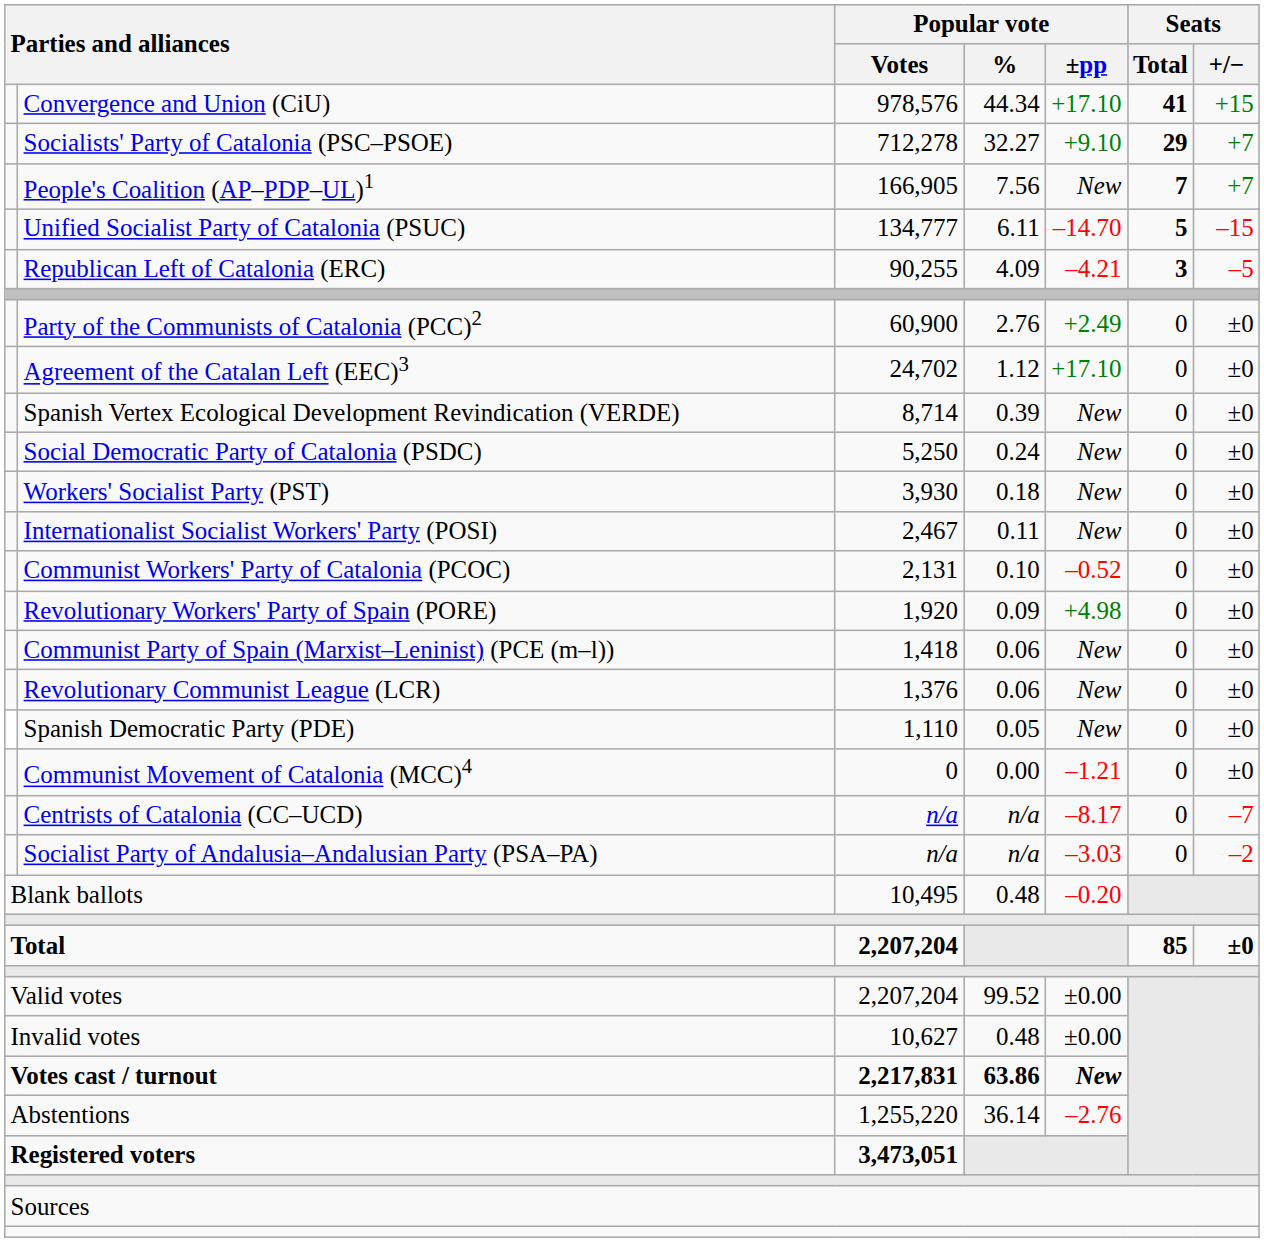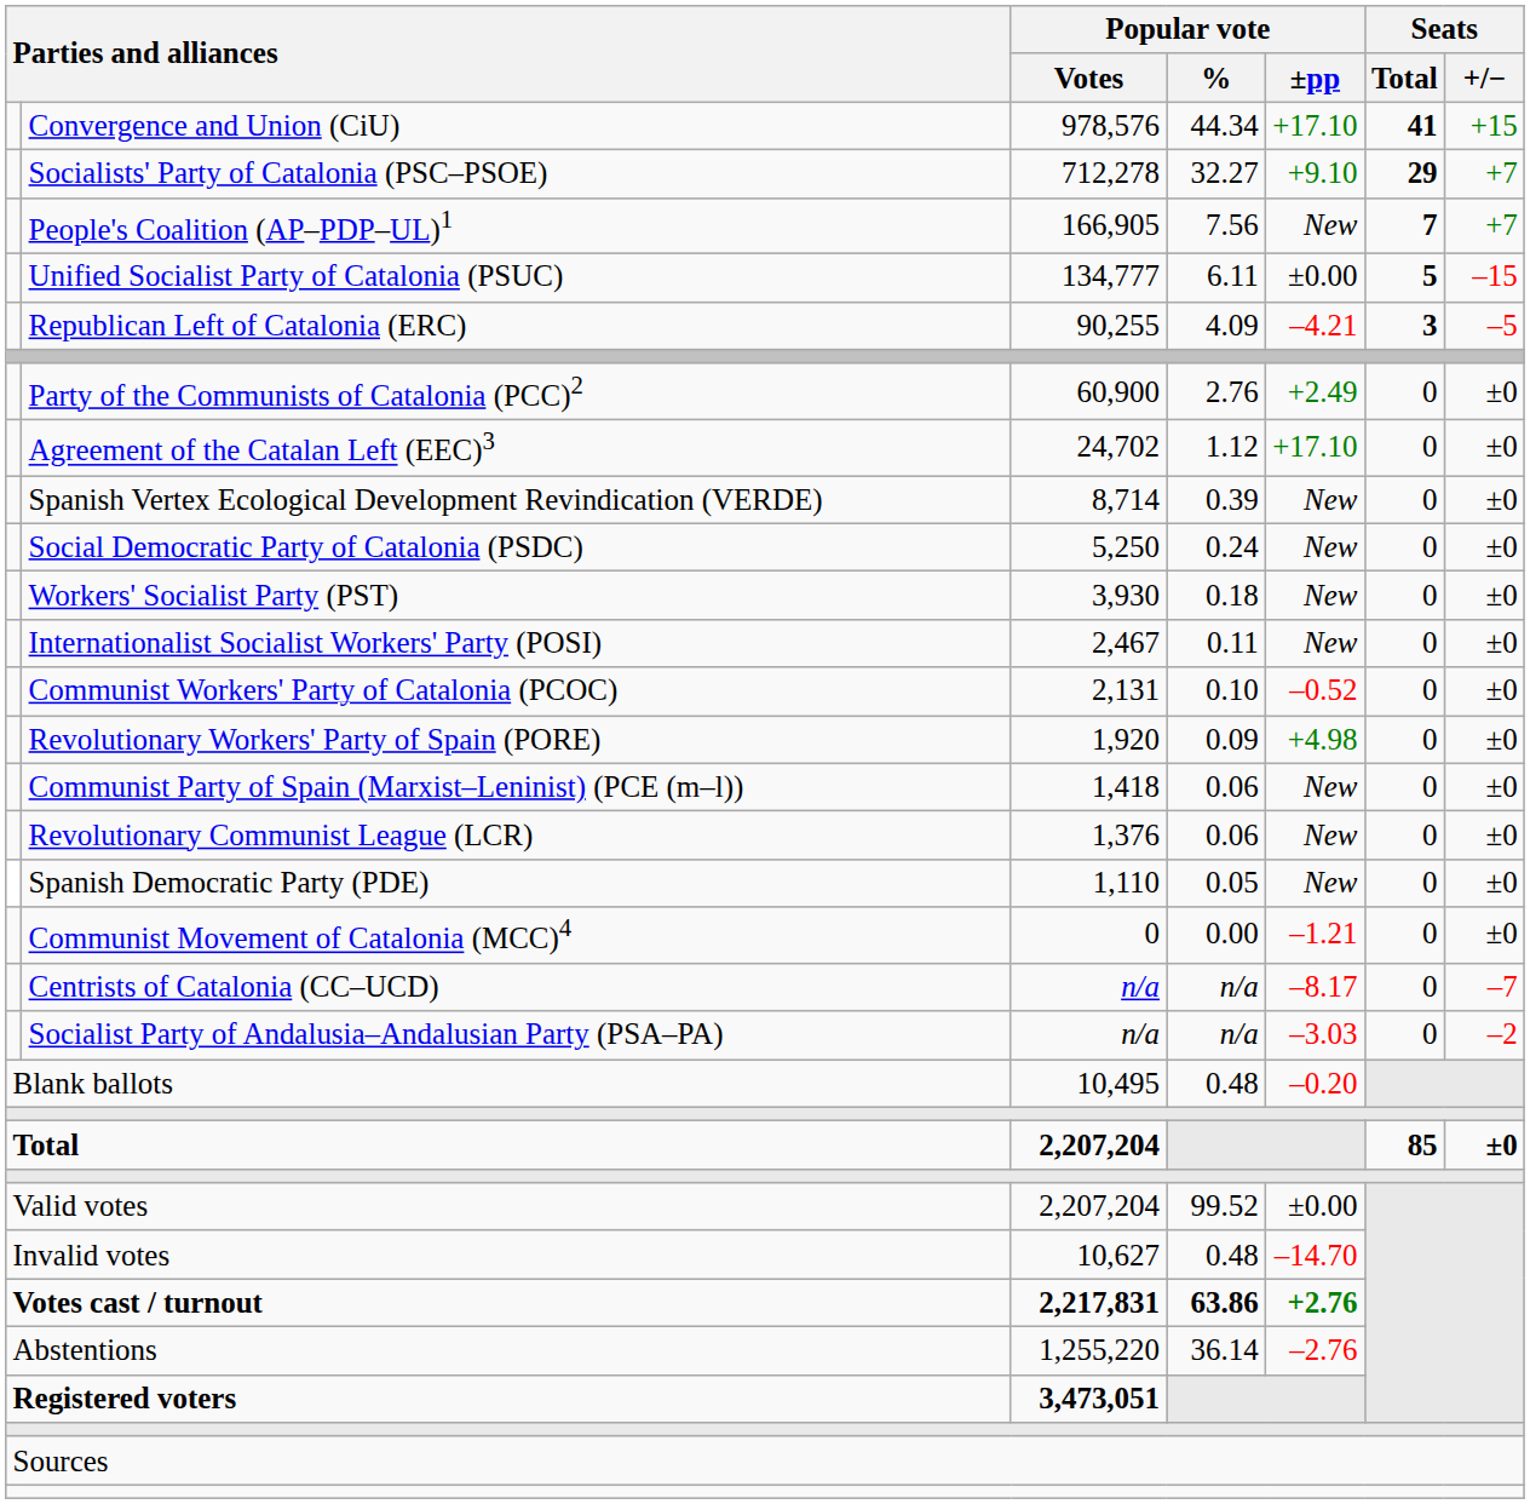 <table class="wikitable" style="text-align:right;">
 <tr>
 <th style="text-align:left;" rowspan="2" colspan="2" width="525">Parties and alliances</th>
 <th colspan="3">Popular vote</th>
 <th colspan="2">Seats</th>
 </tr>
 <tr>
 <th width="75">Votes</th>
 <th width="45">%</th>
 <th width="45">±<a href='#'>pp</a></th>
 <th width="35">Total</th>
 <th width="35">+/−</th>
 </tr>
 <tr>
 <td width="1" style="color:inherit;background:"></td>
 <td align="left"><a href='#'>Convergence and Union</a> (CiU)</td>
 <td>978,576</td>
 <td>44.34</td>
 <td style="color:green;">+17.10</td>
 <td><strong>41</strong></td>
 <td style="color:green;">+15</td>
 </tr>
 <tr>
 <td style="color:inherit;background:"></td>
 <td align="left"><a href='#'>Socialists' Party of Catalonia</a> (PSC–PSOE)</td>
 <td>712,278</td>
 <td>32.27</td>
 <td style="color:green;">+9.10</td>
 <td><strong>29</strong></td>
 <td style="color:green;">+7</td>
 </tr>
 <tr>
 <td style="color:inherit;background:"></td>
 <td align="left"><a href='#'>People's Coalition</a> (<a href='#'>AP</a>–<a href='#'>PDP</a>–<a href='#'>UL</a>)<sup>1</sup></td>
 <td>166,905</td>
 <td>7.56</td>
 <td><em>New</em></td>
 <td><strong>7</strong></td>
 <td style="color:green;">+7</td>
 </tr>
 <tr>
 <td style="color:inherit;background:"></td>
 <td align="left"><a href='#'>Unified Socialist Party of Catalonia</a> (PSUC)</td>
 <td>134,777</td>
 <td>6.11</td>
-<td style="color:red;">–14.70</td>
+<td>±0.00</td>
 <td><strong>5</strong></td>
 <td style="color:red;">–15</td>
 </tr>
 <tr>
 <td style="color:inherit;background:"></td>
 <td align="left"><a href='#'>Republican Left of Catalonia</a> (ERC)</td>
 <td>90,255</td>
 <td>4.09</td>
 <td style="color:red;">–4.21</td>
 <td><strong>3</strong></td>
 <td style="color:red;">–5</td>
 </tr>
 <tr>
 <td colspan="7" bgcolor="#C0C0C0"></td>
 </tr>
 <tr>
 <td style="color:inherit;background:"></td>
 <td align="left"><a href='#'>Party of the Communists of Catalonia</a> (PCC)<sup>2</sup></td>
 <td>60,900</td>
 <td>2.76</td>
 <td style="color:green;">+2.49</td>
 <td>0</td>
 <td>±0</td>
 </tr>
 <tr>
 <td style="color:inherit;background:"></td>
 <td align="left"><a href='#'>Agreement of the Catalan Left</a> (EEC)<sup>3</sup></td>
 <td>24,702</td>
 <td>1.12</td>
 <td style="color:green;">+17.10</td>
 <td>0</td>
 <td>±0</td>
 </tr>
 <tr>
 <td style="color:inherit;background:"></td>
 <td align="left">Spanish Vertex Ecological Development Revindication (VERDE)</td>
 <td>8,714</td>
 <td>0.39</td>
 <td><em>New</em></td>
 <td>0</td>
 <td>±0</td>
 </tr>
 <tr>
 <td style="color:inherit;background:"></td>
 <td align="left"><a href='#'>Social Democratic Party of Catalonia</a> (PSDC)</td>
 <td>5,250</td>
 <td>0.24</td>
 <td><em>New</em></td>
 <td>0</td>
 <td>±0</td>
 </tr>
 <tr>
 <td style="color:inherit;background:"></td>
 <td align="left"><a href='#'>Workers' Socialist Party</a> (PST)</td>
 <td>3,930</td>
 <td>0.18</td>
 <td><em>New</em></td>
 <td>0</td>
 <td>±0</td>
 </tr>
 <tr>
 <td style="color:inherit;background:"></td>
 <td align="left"><a href='#'>Internationalist Socialist Workers' Party</a> (POSI)</td>
 <td>2,467</td>
 <td>0.11</td>
 <td><em>New</em></td>
 <td>0</td>
 <td>±0</td>
 </tr>
 <tr>
 <td style="color:inherit;background:"></td>
 <td align="left"><a href='#'>Communist Workers' Party of Catalonia</a> (PCOC)</td>
 <td>2,131</td>
 <td>0.10</td>
 <td style="color:red;">–0.52</td>
 <td>0</td>
 <td>±0</td>
 </tr>
 <tr>
 <td style="color:inherit;background:"></td>
 <td align="left"><a href='#'>Revolutionary Workers' Party of Spain</a> (PORE)</td>
 <td>1,920</td>
 <td>0.09</td>
 <td style="color:green;">+4.98</td>
 <td>0</td>
 <td>±0</td>
 </tr>
 <tr>
 <td style="color:inherit;background:"></td>
 <td align="left"><a href='#'>Communist Party of Spain (Marxist–Leninist)</a> (PCE (m–l))</td>
 <td>1,418</td>
 <td>0.06</td>
 <td><em>New</em></td>
 <td>0</td>
 <td>±0</td>
 </tr>
 <tr>
 <td style="color:inherit;background:"></td>
 <td align="left"><a href='#'>Revolutionary Communist League</a> (LCR)</td>
 <td>1,376</td>
 <td>0.06</td>
 <td><em>New</em></td>
 <td>0</td>
 <td>±0</td>
 </tr>
 <tr>
 <td bgcolor="white"></td>
 <td align="left">Spanish Democratic Party (PDE)</td>
 <td>1,110</td>
 <td>0.05</td>
 <td><em>New</em></td>
 <td>0</td>
 <td>±0</td>
 </tr>
 <tr>
 <td style="color:inherit;background:"></td>
 <td align="left"><a href='#'>Communist Movement of Catalonia</a> (MCC)<sup>4</sup></td>
 <td>0</td>
 <td>0.00</td>
 <td style="color:red;">–1.21</td>
 <td>0</td>
 <td>±0</td>
 </tr>
 <tr>
 <td style="color:inherit;background:"></td>
 <td align="left"><a href='#'>Centrists of Catalonia</a> (CC–UCD)</td>
 <td><em><a href='#'>n/a</a></em></td>
 <td><em>n/a</em></td>
 <td style="color:red;">–8.17</td>
 <td>0</td>
 <td style="color:red;">–7</td>
 </tr>
 <tr>
 <td style="color:inherit;background:"></td>
 <td align="left"><a href='#'>Socialist Party of Andalusia–Andalusian Party</a> (PSA–PA)</td>
 <td><em>n/a</em></td>
 <td><em>n/a</em></td>
 <td style="color:red;">–3.03</td>
 <td>0</td>
 <td style="color:red;">–2</td>
 </tr>
 <tr>
 <td align="left" colspan="2">Blank ballots</td>
 <td>10,495</td>
 <td>0.48</td>
 <td style="color:red;">–0.20</td>
 <td bgcolor="#E9E9E9" colspan="2"></td>
 </tr>
 <tr>
 <td colspan="7" bgcolor="#E9E9E9"></td>
 </tr>
 <tr style="font-weight:bold;">
 <td align="left" colspan="2">Total</td>
 <td>2,207,204</td>
 <td bgcolor="#E9E9E9" colspan="2"></td>
 <td>85</td>
 <td>±0</td>
 </tr>
 <tr>
 <td colspan="7" bgcolor="#E9E9E9"></td>
 </tr>
 <tr>
 <td align="left" colspan="2">Valid votes</td>
 <td>2,207,204</td>
 <td>99.52</td>
 <td>±0.00</td>
 <td bgcolor="#E9E9E9" colspan="2" rowspan="5"></td>
 </tr>
 <tr>
 <td align="left" colspan="2">Invalid votes</td>
 <td>10,627</td>
 <td>0.48</td>
-<td>±0.00</td>
+<td style="color:red;">–14.70</td>
 </tr>
 <tr style="font-weight:bold;">
 <td align="left" colspan="2">Votes cast / turnout</td>
 <td>2,217,831</td>
 <td>63.86</td>
-<td><em>New</em></td>
+<td style="color:green;">+2.76</td>
 </tr>
 <tr>
 <td align="left" colspan="2">Abstentions</td>
 <td>1,255,220</td>
 <td>36.14</td>
 <td style="color:red;">–2.76</td>
 </tr>
 <tr style="font-weight:bold;">
 <td align="left" colspan="2">Registered voters</td>
 <td>3,473,051</td>
 <td bgcolor="#E9E9E9" colspan="2"></td>
 </tr>
 <tr>
 <td colspan="7" bgcolor="#E9E9E9"></td>
 </tr>
 <tr>
 <td align="left" colspan="7">Sources</td>
 </tr>
 <tr>
 <td colspan="7" style="text-align:left; max-width:790px;"></td>
 </tr>
 </table>
